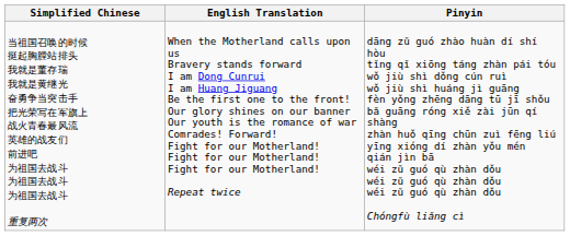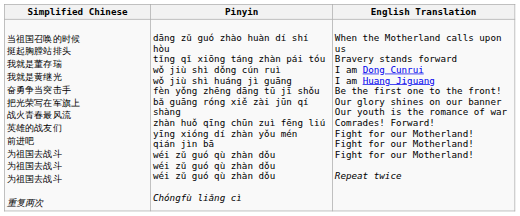 <table class="wikitable">
 <tr>
 <th width="200">Simplified Chinese</th>
+<th width="250">Pinyin</th>
 <th width="250">English Translation</th>
-<th width="250">Pinyin</th>
 </tr>
 <tr valign="top">
 <td><br>当祖国召唤的时候<br> 挺起胸膛站排头<br> 我就是董存瑞<br> 我就是黄继光<br> 奋勇争当突击手<br> 把光荣写在军旗上<br> 战火青春最风流<br> 英雄的战友们<br> 前进吧<br> 为祖国去战斗<br> 为祖国去战斗<br> 为祖国去战斗<br><br><em>重复两次</em><br></td>
+<td><br>dāng zǔ guó zhào huàn dí shí hòu <br> tǐng qǐ xiōng táng zhàn pái tóu <br> wǒ jiù shì dǒng cún ruì <br> wǒ jiù shì huáng jì guāng <br> fèn yǒng zhēng dāng tū jī shǒu<br>  bǎ guāng róng xiě zài jūn qí shàng<br>  zhàn huǒ qīng chūn zuì fēng liú <br> yīng xióng dí zhàn yǒu mén <br> qián jìn bā <br> wéi zǔ guó qù zhàn dǒu <br> wéi zǔ guó qù zhàn dǒu <br> wéi zǔ guó qù zhàn dǒu <br><br><em>Chóngfù liǎng cì</em><br></td>
 <td><br>When the Motherland calls upon us<br> Bravery stands forward<br> I am <a href='#'>Dong Cunrui</a><br> I am <a href='#'>Huang Jiguang</a><br> Be the first one to the front!<br> Our glory shines on our banner<br> Our youth is the romance of war<br> Comrades! Forward!<br> Fight for our Motherland!<br> Fight for our Motherland!<br> Fight for our Motherland!<br><br><em>Repeat twice</em><br></td>
-<td><br>dāng zǔ guó zhào huàn dí shí hòu <br> tǐng qǐ xiōng táng zhàn pái tóu <br> wǒ jiù shì dǒng cún ruì <br> wǒ jiù shì huáng jì guāng <br> fèn yǒng zhēng dāng tū jī shǒu<br>  bǎ guāng róng xiě zài jūn qí shàng<br>  zhàn huǒ qīng chūn zuì fēng liú <br> yīng xióng dí zhàn yǒu mén <br> qián jìn bā <br> wéi zǔ guó qù zhàn dǒu <br> wéi zǔ guó qù zhàn dǒu <br> wéi zǔ guó qù zhàn dǒu <br><br><em>Chóngfù liǎng cì</em><br></td>
 </tr>
 </table>
